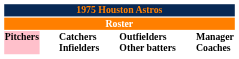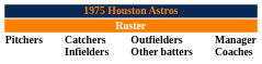 <table class="toccolours" style="text-align: left;">
 <tr>
 <th colspan="10" style="background-color: #072854; color: #FF7F00; text-align: center;">1975 Houston Astros</th>
 </tr>
 <tr>
 <td colspan="10" style="background-color: #FF7F00; color: white; text-align: center;"><strong>Roster</strong></td>
 </tr>
 <tr>
-<td valign="top" style="background: pink;"><strong>Pitchers</strong><br>              </td>
+<td valign="top"><strong>Pitchers</strong><br>              </td>
 <td width="25px"></td>
 <td valign="top"><strong>Catchers</strong><br>  <strong>Infielders</strong>         </td>
 <td width="25px"></td>
 <td valign="top"><strong>Outfielders</strong><br>      <strong>Other batters</strong>   </td>
 <td width="25px"></td>
 <td valign="top"><strong>Manager</strong><br>  <strong>Coaches</strong>    </td>
 </tr>
 </table>
